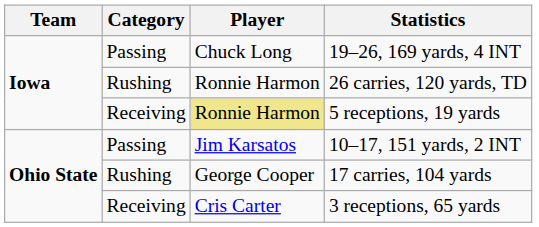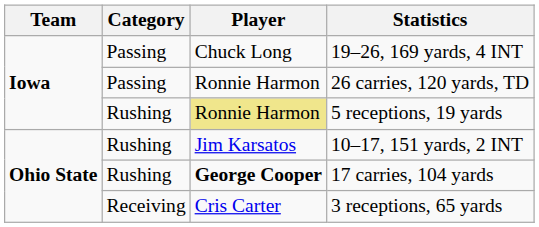 <table class="wikitable" style="float: left;">
 <tr>
 <th>Team</th>
 <th>Category</th>
 <th>Player</th>
 <th>Statistics</th>
 </tr>
 <tr>
 <td rowspan=3><strong>Iowa</strong></td>
 <td>Passing</td>
 <td>Chuck Long</td>
 <td>19–26, 169 yards, 4 INT</td>
 </tr>
 <tr>
-<td>Rushing</td>
+<td>Passing</td>
 <td>Ronnie Harmon</td>
 <td>26 carries, 120 yards, TD</td>
 </tr>
 <tr>
-<td>Receiving</td>
+<td>Rushing</td>
 <td style="background: khaki;">Ronnie Harmon</td>
 <td>5 receptions, 19 yards</td>
 </tr>
 <tr>
 <td rowspan=3><strong>Ohio State</strong></td>
-<td>Passing</td>
+<td>Rushing</td>
 <td><a href='#'>Jim Karsatos</a></td>
 <td>10–17, 151 yards, 2 INT</td>
 </tr>
 <tr>
 <td>Rushing</td>
-<td>George Cooper</td>
+<td><strong>George Cooper</strong></td>
 <td>17 carries, 104 yards</td>
 </tr>
 <tr>
 <td>Receiving</td>
 <td><a href='#'>Cris Carter</a></td>
 <td>3 receptions, 65 yards</td>
 </tr>
 </table>
